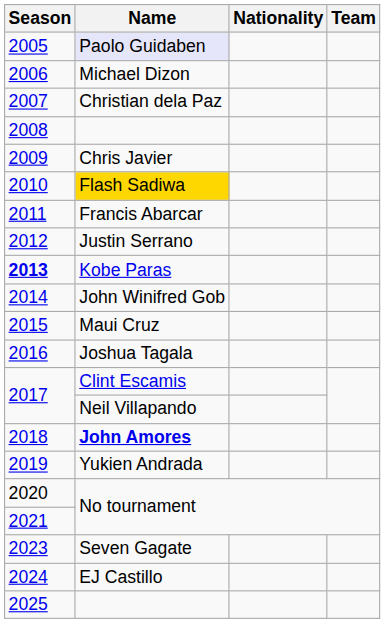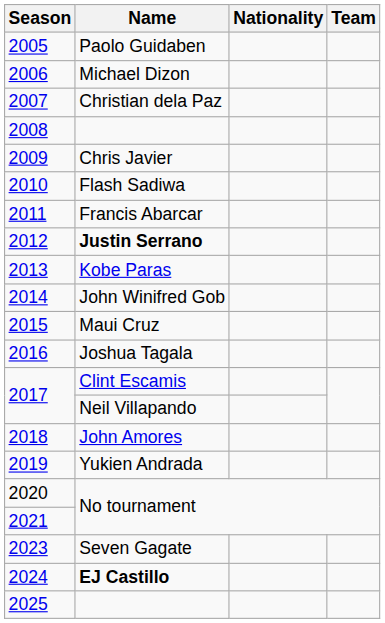 <table class="wikitable">
 <tr>
 <th>Season</th>
 <th>Name</th>
 <th>Nationality</th>
 <th>Team</th>
 </tr>
 <tr>
 <td><a href='#'>2005</a></td>
-<td style="background: lavender;">Paolo Guidaben</td>
+<td>Paolo Guidaben</td>
 <td></td>
 <td></td>
 </tr>
 <tr>
 <td><a href='#'>2006</a></td>
 <td>Michael Dizon</td>
 <td></td>
 <td></td>
 </tr>
 <tr>
 <td><a href='#'>2007</a></td>
 <td>Christian dela Paz</td>
 <td></td>
 <td></td>
 </tr>
 <tr>
 <td><a href='#'>2008</a></td>
 <td></td>
 <td></td>
 <td></td>
 </tr>
 <tr>
 <td><a href='#'>2009</a></td>
 <td>Chris Javier</td>
 <td></td>
 <td></td>
 </tr>
 <tr>
 <td><a href='#'>2010</a></td>
-<td style="background: gold;">Flash Sadiwa</td>
+<td>Flash Sadiwa</td>
 <td></td>
 <td></td>
 </tr>
 <tr>
 <td><a href='#'>2011</a></td>
 <td>Francis Abarcar</td>
 <td></td>
 <td></td>
 </tr>
 <tr>
 <td><a href='#'>2012</a></td>
-<td>Justin Serrano</td>
+<td><strong>Justin Serrano</strong></td>
 <td></td>
 <td></td>
 </tr>
 <tr>
-<td><strong><a href='#'>2013</a></strong></td>
+<td><a href='#'>2013</a></td>
 <td><a href='#'>Kobe Paras</a></td>
 <td></td>
 <td></td>
 </tr>
 <tr>
 <td><a href='#'>2014</a></td>
 <td>John Winifred Gob</td>
 <td></td>
 <td></td>
 </tr>
 <tr>
 <td><a href='#'>2015</a></td>
 <td>Maui Cruz</td>
 <td></td>
 <td></td>
 </tr>
 <tr>
 <td><a href='#'>2016</a></td>
 <td>Joshua Tagala</td>
 <td></td>
 <td></td>
 </tr>
 <tr>
 <td rowspan="2"><a href='#'>2017</a></td>
 <td><a href='#'>Clint Escamis</a></td>
 <td></td>
 <td rowspan="2"></td>
 </tr>
 <tr>
 <td>Neil Villapando</td>
 <td></td>
 </tr>
 <tr>
 <td><a href='#'>2018</a></td>
-<td><strong><a href='#'>John Amores</a></strong></td>
+<td><a href='#'>John Amores</a></td>
 <td></td>
 <td></td>
 </tr>
 <tr>
 <td><a href='#'>2019</a></td>
 <td>Yukien Andrada</td>
 <td></td>
 <td></td>
 </tr>
 <tr>
 <td>2020</td>
 <td colspan="3" rowspan="2">No tournament</td>
 </tr>
 <tr>
 <td><a href='#'>2021</a></td>
 </tr>
 <tr>
 <td><a href='#'>2023</a></td>
 <td>Seven Gagate</td>
 <td></td>
 <td></td>
 </tr>
 <tr>
 <td><a href='#'>2024</a></td>
-<td>EJ Castillo</td>
+<td><strong>EJ Castillo</strong></td>
 <td></td>
 <td></td>
 </tr>
 <tr>
 <td><a href='#'>2025</a></td>
 <td></td>
 <td></td>
 <td></td>
 </tr>
 </table>
